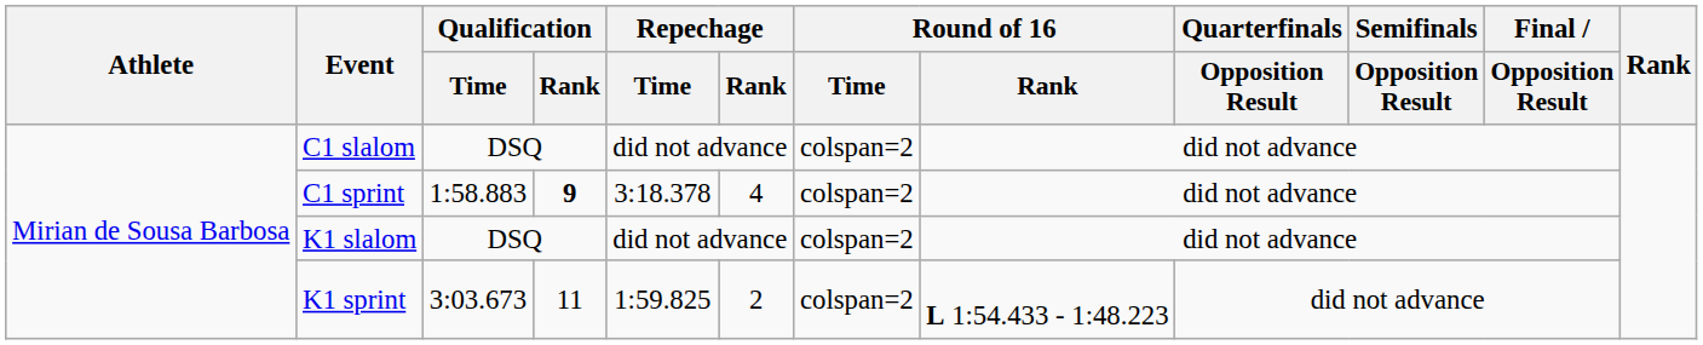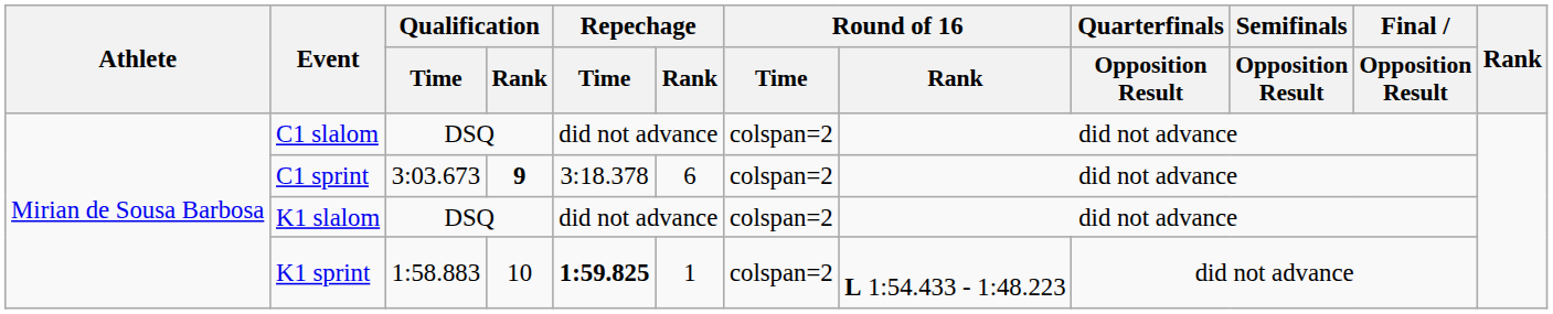 <table class="wikitable" style="font-size:90%;">
 <tr>
 <th rowspan=2>Athlete</th>
 <th rowspan=2>Event</th>
 <th colspan=2>Qualification</th>
 <th colspan=2>Repechage</th>
 <th colspan=2>Round of 16</th>
 <th>Quarterfinals</th>
 <th>Semifinals</th>
 <th>Final / </th>
 <th rowspan=2>Rank</th>
 </tr>
 <tr style="font-size:95%">
 <th>Time</th>
 <th>Rank</th>
 <th>Time</th>
 <th>Rank</th>
 <th>Time</th>
 <th>Rank</th>
 <th>Opposition <br>Result</th>
 <th>Opposition <br>Result</th>
 <th>Opposition <br>Result</th>
 </tr>
 <tr align=center>
 <td rowspan=4 align=left><a href='#'>Mirian de Sousa Barbosa</a></td>
 <td align=left><a href='#'>C1 slalom</a></td>
 <td colspan=2>DSQ</td>
 <td colspan=2>did not advance</td>
 <td>colspan=2 </td>
 <td colspan=4>did not advance</td>
 </tr>
 <tr align=center>
 <td align=left><a href='#'>C1 sprint</a></td>
-<td>1:58.883</td>
+<td>3:03.673</td>
 <td><strong>9</strong></td>
 <td>3:18.378</td>
-<td>4</td>
+<td>6</td>
 <td>colspan=2 </td>
 <td colspan=4>did not advance</td>
 </tr>
 <tr align=center>
 <td align=left><a href='#'>K1 slalom</a></td>
 <td colspan=2>DSQ</td>
 <td colspan=2>did not advance</td>
 <td>colspan=2 </td>
 <td colspan=4>did not advance</td>
 </tr>
 <tr align=center>
 <td align=left><a href='#'>K1 sprint</a></td>
-<td>3:03.673</td>
-<td>11</td>
-<td>1:59.825</td>
-<td>2</td>
+<td>1:58.883</td>
+<td>10</td>
+<td><strong>1:59.825</strong></td>
+<td>1</td>
 <td>colspan=2 </td>
 <td><br> <strong>L</strong> 1:54.433 - 1:48.223</td>
 <td colspan=3>did not advance</td>
 </tr>
 </table>
